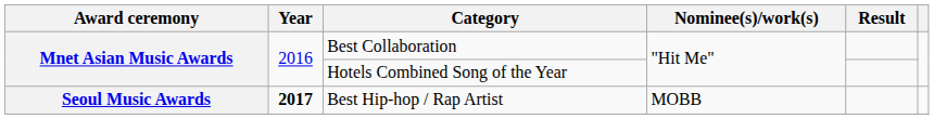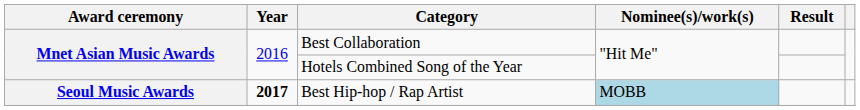 <table class="wikitable sortable plainrowheaders" style="width: 68%;">
 <tr style="background:#ccc; text-align:center;">
 <th scope="col">Award ceremony</th>
 <th scope="col">Year</th>
 <th scope="col">Category</th>
 <th scope="col">Nominee(s)/work(s)</th>
 <th scope="col">Result</th>
 <th scope="col" class="unsortable"></th>
 </tr>
 <tr>
 <th scope="row" rowspan="2"><a href='#'>Mnet Asian Music Awards</a></th>
 <td style="text-align:center" rowspan="2"><a href='#'>2016</a></td>
 <td>Best Collaboration</td>
 <td rowspan="2">"Hit Me"</td>
 <td></td>
 <td style="text-align:center" rowspan="2"></td>
 </tr>
 <tr>
 <td>Hotels Combined Song of the Year</td>
 <td></td>
 </tr>
 <tr>
 <th scope="row"><a href='#'>Seoul Music Awards</a></th>
 <td style="text-align:center"><strong>2017</strong></td>
 <td>Best Hip-hop / Rap Artist</td>
-<td>MOBB</td>
+<td style="background: lightblue;">MOBB</td>
 <td></td>
 <td style="text-align:center"></td>
 </tr>
 <tr>
 </tr>
 </table>
